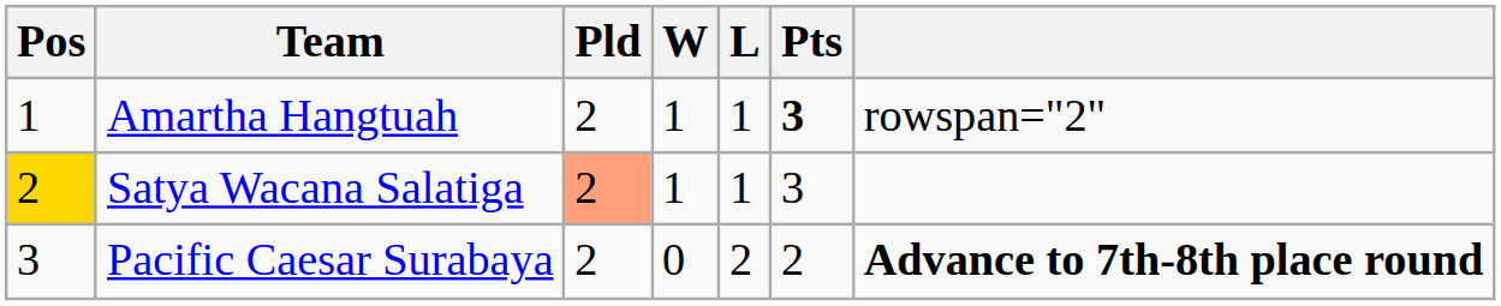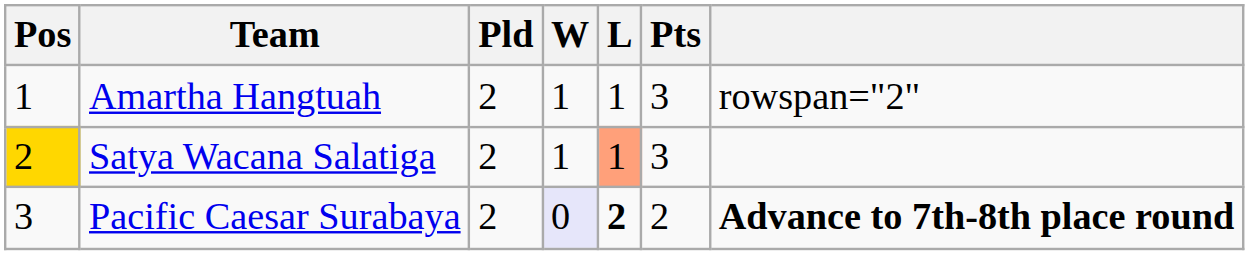 <table class="wikitable">
 <tr>
 <th>Pos</th>
 <th>Team</th>
 <th>Pld</th>
 <th>W</th>
 <th>L</th>
 <th>Pts</th>
 <th></th>
 </tr>
 <tr>
 <td>1</td>
 <td><a href='#'>Amartha Hangtuah</a></td>
 <td>2</td>
 <td>1</td>
 <td>1</td>
-<td><strong>3</strong></td>
+<td>3</td>
 <td>rowspan="2" </td>
 </tr>
 <tr>
 <td style="background: gold;">2</td>
 <td><a href='#'>Satya Wacana Salatiga</a></td>
-<td style="background: lightsalmon;">2</td>
+<td>2</td>
 <td>1</td>
-<td>1</td>
+<td style="background: lightsalmon;">1</td>
 <td>3</td>
 </tr>
 <tr>
 <td>3</td>
 <td><a href='#'>Pacific Caesar Surabaya</a></td>
 <td>2</td>
-<td>0</td>
-<td>2</td>
+<td style="background: lavender;">0</td>
+<td><strong>2</strong></td>
 <td>2</td>
 <td><strong>Advance to 7th-8th place round</strong></td>
 </tr>
 </table>
